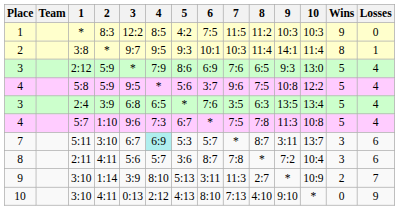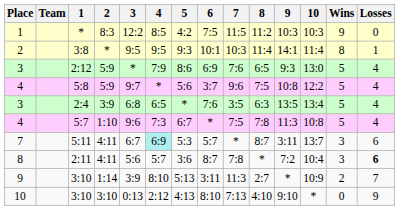 <table class="wikitable" style="text-align:center;">
 <tr>
 <th>Place</th>
 <th>Team</th>
 <th width="25">1</th>
 <th width="25">2</th>
 <th width="25">3</th>
 <th width="25">4</th>
 <th width="25">5</th>
 <th width="25">6</th>
 <th width="25">7</th>
 <th width="25">8</th>
 <th width="25">9</th>
 <th width="25">10</th>
 <th>Wins</th>
 <th>Losses</th>
 </tr>
 <tr bgcolor=#ffc>
 <td>1</td>
 <td align="left"></td>
 <td>*</td>
 <td>8:3</td>
 <td>12:2</td>
 <td>8:5</td>
 <td>4:2</td>
 <td>7:5</td>
 <td>11:5</td>
 <td>11:2</td>
 <td>10:3</td>
 <td>10:3</td>
 <td>9</td>
 <td>0</td>
 </tr>
 <tr bgcolor=#ffc>
 <td>2</td>
 <td align="left"></td>
 <td>3:8</td>
 <td>*</td>
-<td>9:7</td>
+<td>9:5</td>
 <td>9:5</td>
 <td>9:3</td>
 <td>10:1</td>
 <td>10:3</td>
 <td>11:4</td>
 <td>14:1</td>
 <td>11:4</td>
 <td>8</td>
 <td>1</td>
 </tr>
 <tr bgcolor=#cfc>
 <td>3</td>
 <td align="left"></td>
 <td>2:12</td>
 <td>5:9</td>
 <td>*</td>
 <td>7:9</td>
 <td>8:6</td>
 <td>6:9</td>
 <td>7:6</td>
 <td>6:5</td>
 <td>9:3</td>
 <td>13:0</td>
 <td>5</td>
 <td>4</td>
 </tr>
 <tr bgcolor=#fcf>
 <td>4</td>
 <td align="left"></td>
 <td>5:8</td>
 <td>5:9</td>
-<td>9:5</td>
+<td>9:7</td>
 <td>*</td>
 <td>5:6</td>
 <td>3:7</td>
 <td>9:6</td>
 <td>7:5</td>
 <td>10:8</td>
 <td>12:2</td>
 <td>5</td>
 <td>4</td>
 </tr>
 <tr bgcolor=#cfc>
 <td>3</td>
 <td align="left"></td>
 <td>2:4</td>
 <td>3:9</td>
 <td>6:8</td>
 <td>6:5</td>
 <td>*</td>
 <td>7:6</td>
 <td>3:5</td>
 <td>6:3</td>
 <td>13:5</td>
 <td>13:4</td>
 <td>5</td>
 <td>4</td>
 </tr>
 <tr bgcolor=#fcf>
 <td>4</td>
 <td align="left"></td>
 <td>5:7</td>
 <td>1:10</td>
 <td>9:6</td>
 <td>7:3</td>
 <td>6:7</td>
 <td>*</td>
 <td>7:5</td>
 <td>7:8</td>
 <td>11:3</td>
 <td>10:8</td>
 <td>5</td>
 <td>4</td>
 </tr>
 <tr>
 <td>7</td>
 <td align="left"></td>
 <td>5:11</td>
-<td>3:10</td>
+<td>4:11</td>
 <td>6:7</td>
 <td style="background: paleturquoise;">6:9</td>
 <td>5:3</td>
 <td>5:7</td>
 <td>*</td>
 <td>8:7</td>
 <td>3:11</td>
 <td>13:7</td>
 <td>3</td>
 <td>6</td>
 </tr>
 <tr>
 <td>8</td>
 <td align="left"></td>
 <td>2:11</td>
 <td>4:11</td>
 <td>5:6</td>
 <td>5:7</td>
 <td>3:6</td>
 <td>8:7</td>
 <td>7:8</td>
 <td>*</td>
 <td>7:2</td>
 <td>10:4</td>
 <td>3</td>
-<td>6</td>
+<td><strong>6</strong></td>
 </tr>
 <tr>
 <td>9</td>
 <td align="left"></td>
 <td>3:10</td>
 <td>1:14</td>
 <td>3:9</td>
 <td>8:10</td>
 <td>5:13</td>
 <td>3:11</td>
 <td>11:3</td>
 <td>2:7</td>
 <td>*</td>
 <td>10:9</td>
 <td>2</td>
 <td>7</td>
 </tr>
 <tr>
 <td>10</td>
 <td align="left"></td>
 <td>3:10</td>
-<td>4:11</td>
+<td>3:10</td>
 <td>0:13</td>
 <td>2:12</td>
 <td>4:13</td>
 <td>8:10</td>
 <td>7:13</td>
 <td>4:10</td>
 <td>9:10</td>
 <td>*</td>
 <td>0</td>
 <td>9</td>
 </tr>
 </table>
